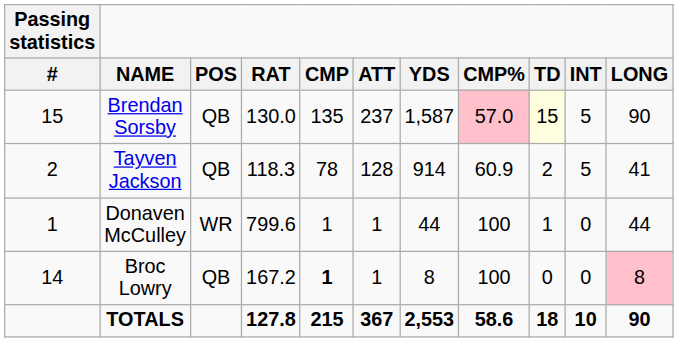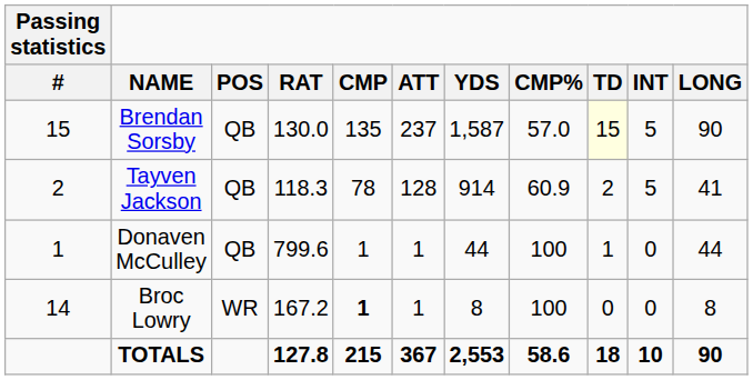 <table style="width:60%; text-align:center;" class="wikitable collapsible collapsed">
 <tr>
 <th style="text-align:center; ">Passing statistics</th>
 </tr>
 <tr>
 <th>#</th>
 <th>NAME</th>
 <th>POS</th>
 <th>RAT</th>
 <th>CMP</th>
 <th>ATT</th>
 <th>YDS</th>
 <th>CMP%</th>
 <th>TD</th>
 <th>INT</th>
 <th>LONG</th>
 </tr>
 <tr>
 <td>15</td>
 <td><a href='#'>Brendan Sorsby</a></td>
 <td>QB</td>
 <td>130.0</td>
 <td>135</td>
 <td>237</td>
 <td>1,587</td>
-<td style="background: pink;">57.0</td>
+<td>57.0</td>
 <td style="background: lightyellow;">15</td>
 <td>5</td>
 <td>90</td>
 </tr>
 <tr>
 <td>2</td>
 <td><a href='#'>Tayven Jackson</a></td>
 <td>QB</td>
 <td>118.3</td>
 <td>78</td>
 <td>128</td>
 <td>914</td>
 <td>60.9</td>
 <td>2</td>
 <td>5</td>
 <td>41</td>
 </tr>
 <tr>
 <td>1</td>
 <td>Donaven McCulley</td>
-<td>WR</td>
+<td>QB</td>
 <td>799.6</td>
 <td>1</td>
 <td>1</td>
 <td>44</td>
 <td>100</td>
 <td>1</td>
 <td>0</td>
 <td>44</td>
 </tr>
 <tr>
 <td>14</td>
 <td>Broc Lowry</td>
-<td>QB</td>
+<td>WR</td>
 <td>167.2</td>
 <td><strong>1</strong></td>
 <td>1</td>
 <td>8</td>
 <td>100</td>
 <td>0</td>
 <td>0</td>
-<td style="background: pink;">8</td>
+<td>8</td>
 </tr>
 <tr>
 <td></td>
 <td><strong>TOTALS</strong></td>
 <td></td>
 <td><strong>127.8</strong></td>
 <td><strong>215</strong></td>
 <td><strong>367</strong></td>
 <td><strong>2,553</strong></td>
 <td><strong>58.6</strong></td>
 <td><strong>18</strong></td>
 <td><strong>10</strong></td>
 <td><strong>90</strong></td>
 </tr>
 </table>
